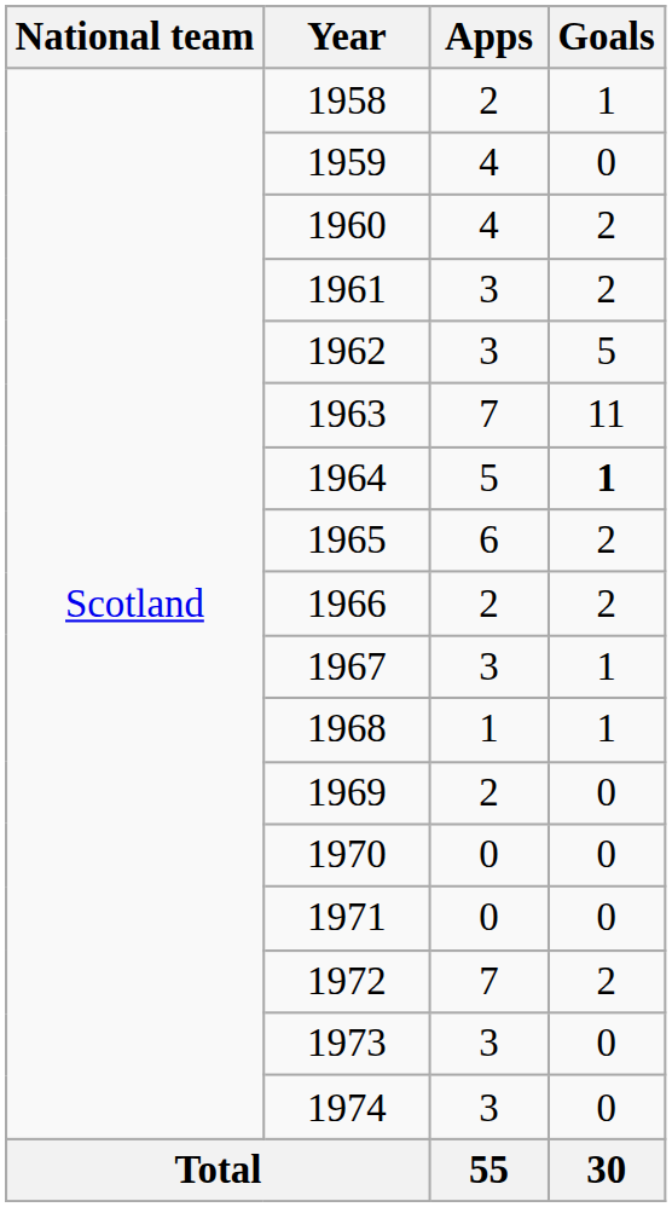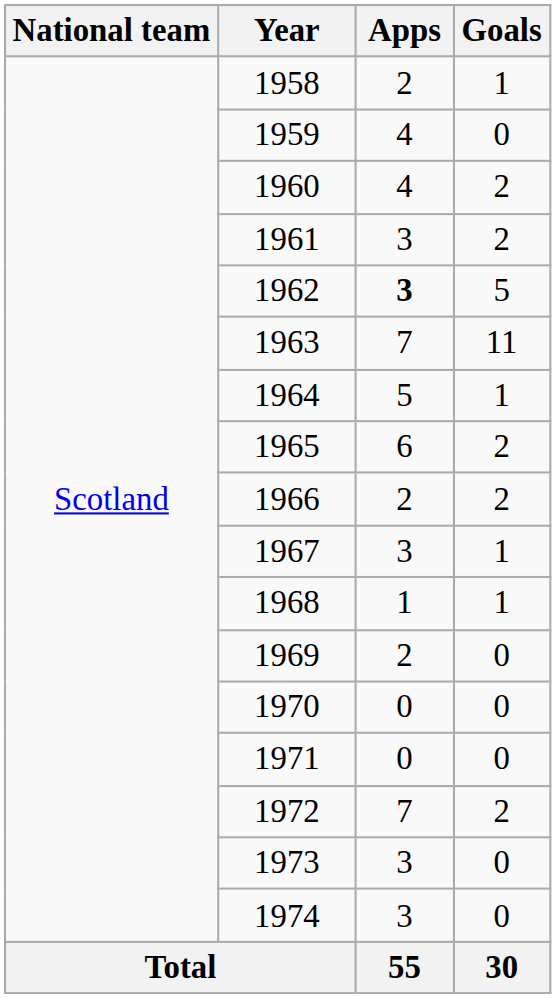 <table class="wikitable" style="text-align: center;">
 <tr>
 <th>National team</th>
 <th width="60">Year</th>
 <th width="40">Apps</th>
 <th width="40">Goals</th>
 </tr>
 <tr>
 <td rowspan="17"><a href='#'>Scotland</a></td>
 <td>1958</td>
 <td>2</td>
 <td>1</td>
 </tr>
 <tr>
 <td>1959</td>
 <td>4</td>
 <td>0</td>
 </tr>
 <tr>
 <td>1960</td>
 <td>4</td>
 <td>2</td>
 </tr>
 <tr>
 <td>1961</td>
 <td>3</td>
 <td>2</td>
 </tr>
 <tr>
 <td>1962</td>
-<td>3</td>
+<td><strong>3</strong></td>
 <td>5</td>
 </tr>
 <tr>
 <td>1963</td>
 <td>7</td>
 <td>11</td>
 </tr>
 <tr>
 <td>1964</td>
 <td>5</td>
-<td><strong>1</strong></td>
+<td>1</td>
 </tr>
 <tr>
 <td>1965</td>
 <td>6</td>
 <td>2</td>
 </tr>
 <tr>
 <td>1966</td>
 <td>2</td>
 <td>2</td>
 </tr>
 <tr>
 <td>1967</td>
 <td>3</td>
 <td>1</td>
 </tr>
 <tr>
 <td>1968</td>
 <td>1</td>
 <td>1</td>
 </tr>
 <tr>
 <td>1969</td>
 <td>2</td>
 <td>0</td>
 </tr>
 <tr>
 <td>1970</td>
 <td>0</td>
 <td>0</td>
 </tr>
 <tr>
 <td>1971</td>
 <td>0</td>
 <td>0</td>
 </tr>
 <tr>
 <td>1972</td>
 <td>7</td>
 <td>2</td>
 </tr>
 <tr>
 <td>1973</td>
 <td>3</td>
 <td>0</td>
 </tr>
 <tr>
 <td>1974</td>
 <td>3</td>
 <td>0</td>
 </tr>
 <tr>
 <th colspan="2">Total</th>
 <th>55</th>
 <th>30</th>
 </tr>
 </table>
